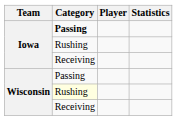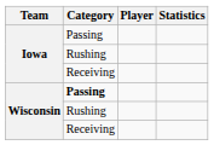 <table class="wikitable" style="float:right">
 <tr>
 <th>Team</th>
 <th>Category</th>
 <th>Player</th>
 <th>Statistics</th>
 </tr>
 <tr>
 <th rowspan=3>Iowa</th>
-<td><strong>Passing</strong></td>
+<td>Passing</td>
 <td></td>
 <td></td>
 </tr>
 <tr>
 <td>Rushing</td>
 <td></td>
 <td></td>
 </tr>
 <tr>
 <td>Receiving</td>
 <td></td>
 <td></td>
 </tr>
 <tr>
 <th rowspan=3>Wisconsin</th>
-<td>Passing</td>
+<td><strong>Passing</strong></td>
 <td></td>
 <td></td>
 </tr>
 <tr>
-<td style="background: lightyellow;">Rushing</td>
+<td>Rushing</td>
 <td></td>
 <td></td>
 </tr>
 <tr>
 <td>Receiving</td>
 <td></td>
 <td></td>
 </tr>
 </table>
